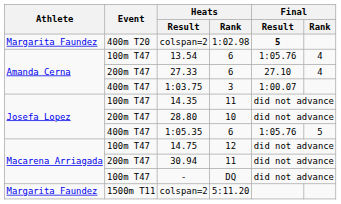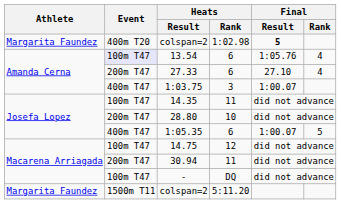 <table class=wikitable style="font-size:90%">
 <tr>
 <th rowspan="2">Athlete</th>
 <th rowspan="2">Event</th>
 <th colspan="2">Heats</th>
 <th colspan="3">Final</th>
 </tr>
 <tr>
 <th>Result</th>
 <th>Rank</th>
 <th>Result</th>
 <th>Rank</th>
 </tr>
 <tr align=center>
 <td align=left><a href='#'>Margarita Faundez</a></td>
 <td align=left>400m T20</td>
 <td>colspan=2 </td>
 <td>1:02.98</td>
 <td><strong>5</strong></td>
 </tr>
 <tr align=center>
 <td align=left rowspan="3"><a href='#'>Amanda Cerna</a></td>
-<td align=left>100m T47</td>
+<td align=left style="background: lavender;">100m T47</td>
 <td>13.54</td>
 <td>6</td>
 <td>1:05.76</td>
 <td>4</td>
 </tr>
 <tr align=center>
 <td align=left>200m T47</td>
 <td>27.33</td>
 <td>6</td>
 <td>27.10</td>
 <td>4</td>
 </tr>
 <tr align=center>
 <td align=left>400m T47</td>
 <td>1:03.75</td>
 <td>3</td>
 <td>1:00.07</td>
 <td></td>
 </tr>
 <tr align=center>
 <td align=left rowspan="3"><a href='#'>Josefa Lopez</a></td>
 <td align=left>100m T47</td>
 <td>14.35</td>
 <td>11</td>
 <td colspan="2">did not advance</td>
 </tr>
 <tr align=center>
 <td align=left>200m T47</td>
 <td>28.80</td>
 <td>10</td>
 <td colspan="2">did not advance</td>
 </tr>
 <tr align=center>
 <td align=left>400m T47</td>
 <td>1:05.35</td>
 <td>6</td>
-<td>1:05.76</td>
+<td>1:00.07</td>
 <td>5</td>
 </tr>
 <tr align=center>
 <td align=left rowspan="3"><a href='#'>Macarena Arriagada</a></td>
 <td align=left>100m T47</td>
 <td>14.75</td>
 <td>12</td>
 <td colspan="2">did not advance</td>
 </tr>
 <tr align=center>
 <td align=left>200m T47</td>
 <td>30.94</td>
 <td>11</td>
 <td colspan="2">did not advance</td>
 </tr>
 <tr align=center>
 <td align=left>100m T47</td>
 <td>-</td>
 <td>DQ</td>
 <td colspan="2">did not advance</td>
 </tr>
 <tr align=center>
 <td align=left><a href='#'>Margarita Faundez</a></td>
 <td align=left>1500m T11</td>
 <td>colspan=2 </td>
 <td>5:11.20</td>
 <td></td>
 </tr>
 </table>
